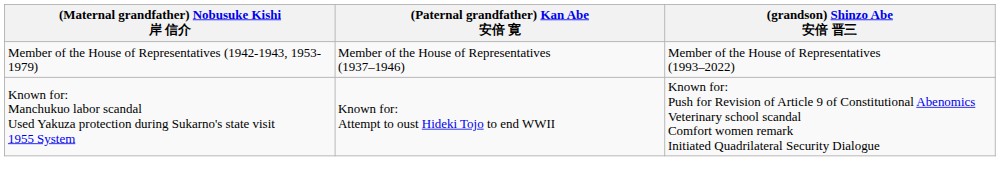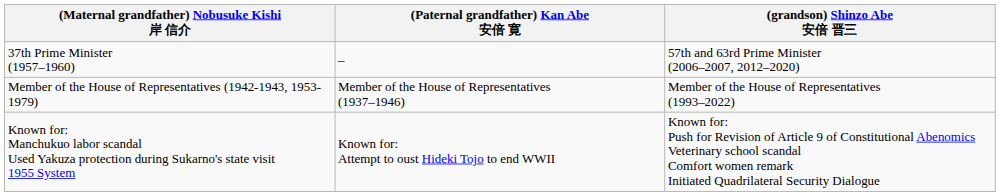 <table class="wikitable" style="margin-left: auto; margin-right: auto; border: none;">
 <tr>
 <th scope="col" style="width: 300pt;">(Maternal grandfather) <a href='#'>Nobusuke Kishi</a><br>岸 信介<br></th>
 <th scope="col" style="width: 300pt;">(Paternal grandfather) <a href='#'>Kan Abe</a><br>安倍 寛<br></th>
 <th scope="col" style="width: 300pt;">(grandson) <a href='#'>Shinzo Abe</a><br>安倍 晋三<br></th>
+</tr>
+<tr>
+<td>37th Prime Minister<br>(1957–1960)</td>
+<td>–</td>
+<td>57th and 63rd Prime Minister<br>(2006–2007, 2012–2020)</td>
 </tr>
 <tr>
 <td>Member of the House of Representatives (1942-1943, 1953-1979)</td>
 <td>Member of the House of Representatives<br>(1937–1946)</td>
 <td>Member of the House of Representatives<br>(1993–2022)</td>
 </tr>
 <tr>
 <td>Known for:<br>Manchukuo labor scandal<br>Used Yakuza protection during Sukarno's state visit<br><a href='#'>1955 System</a></td>
 <td>Known for:<br>Attempt to oust <a href='#'>Hideki Tojo</a> to end WWII</td>
 <td>Known for:<br>Push for Revision of Article 9 of Constitutional <a href='#'>Abenomics</a><br>Veterinary school scandal<br>Comfort women remark<br>Initiated Quadrilateral Security Dialogue</td>
 </tr>
 </table>
